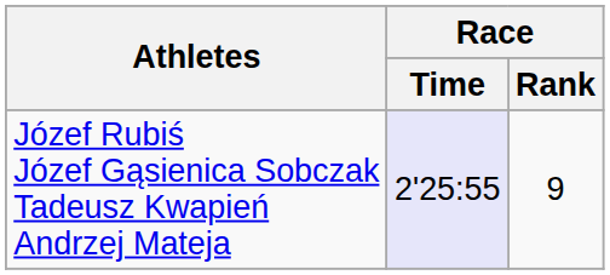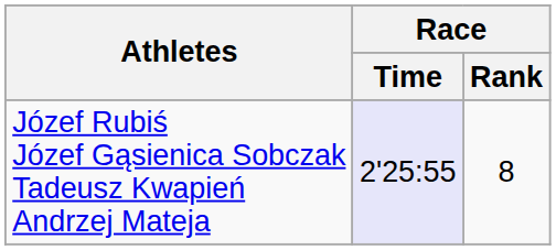 <table class="wikitable" border="1" style="font-size:90%">
 <tr>
 <th rowspan=2>Athletes</th>
 <th colspan=2>Race</th>
 </tr>
 <tr>
 <th>Time</th>
 <th>Rank</th>
 </tr>
 <tr>
 <td><a href='#'>Józef Rubiś</a><br><a href='#'>Józef Gąsienica Sobczak</a><br><a href='#'>Tadeusz Kwapień</a><br><a href='#'>Andrzej Mateja</a></td>
 <td align=center style="background: lavender;">2'25:55</td>
-<td align=center>9</td>
+<td align=center>8</td>
 </tr>
 </table>
